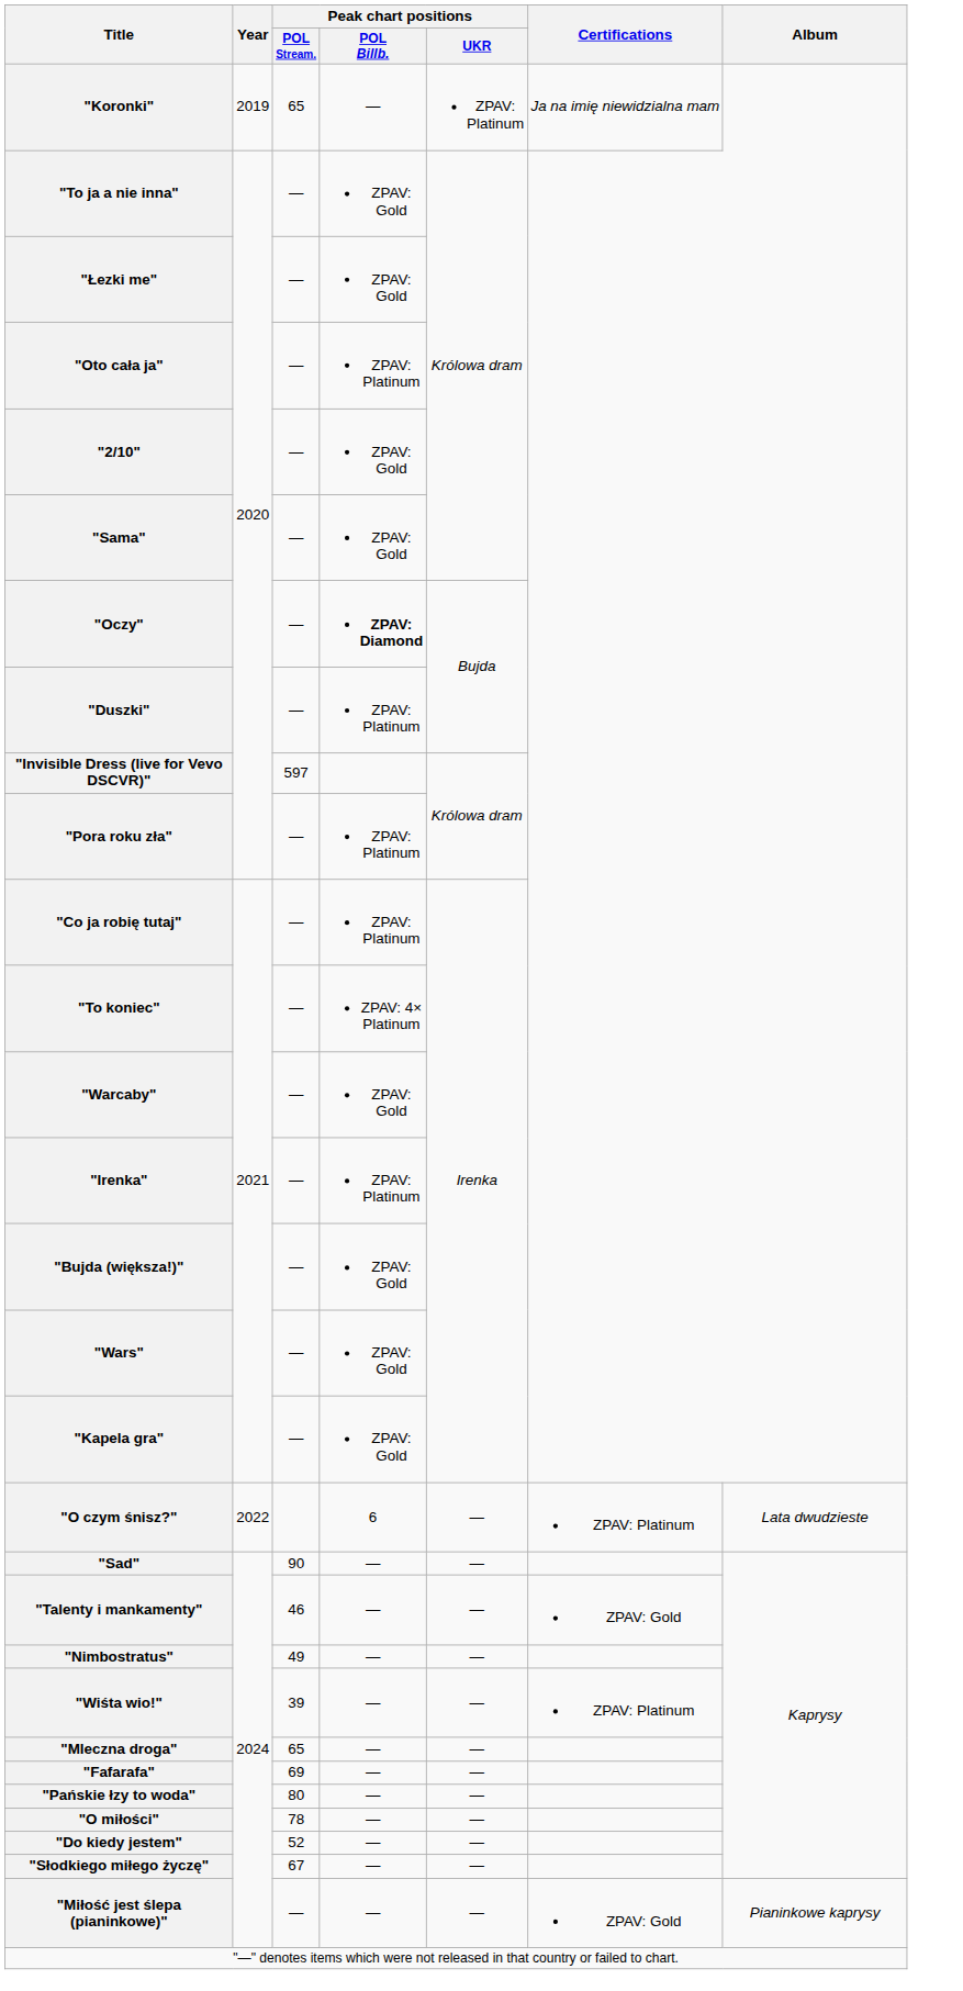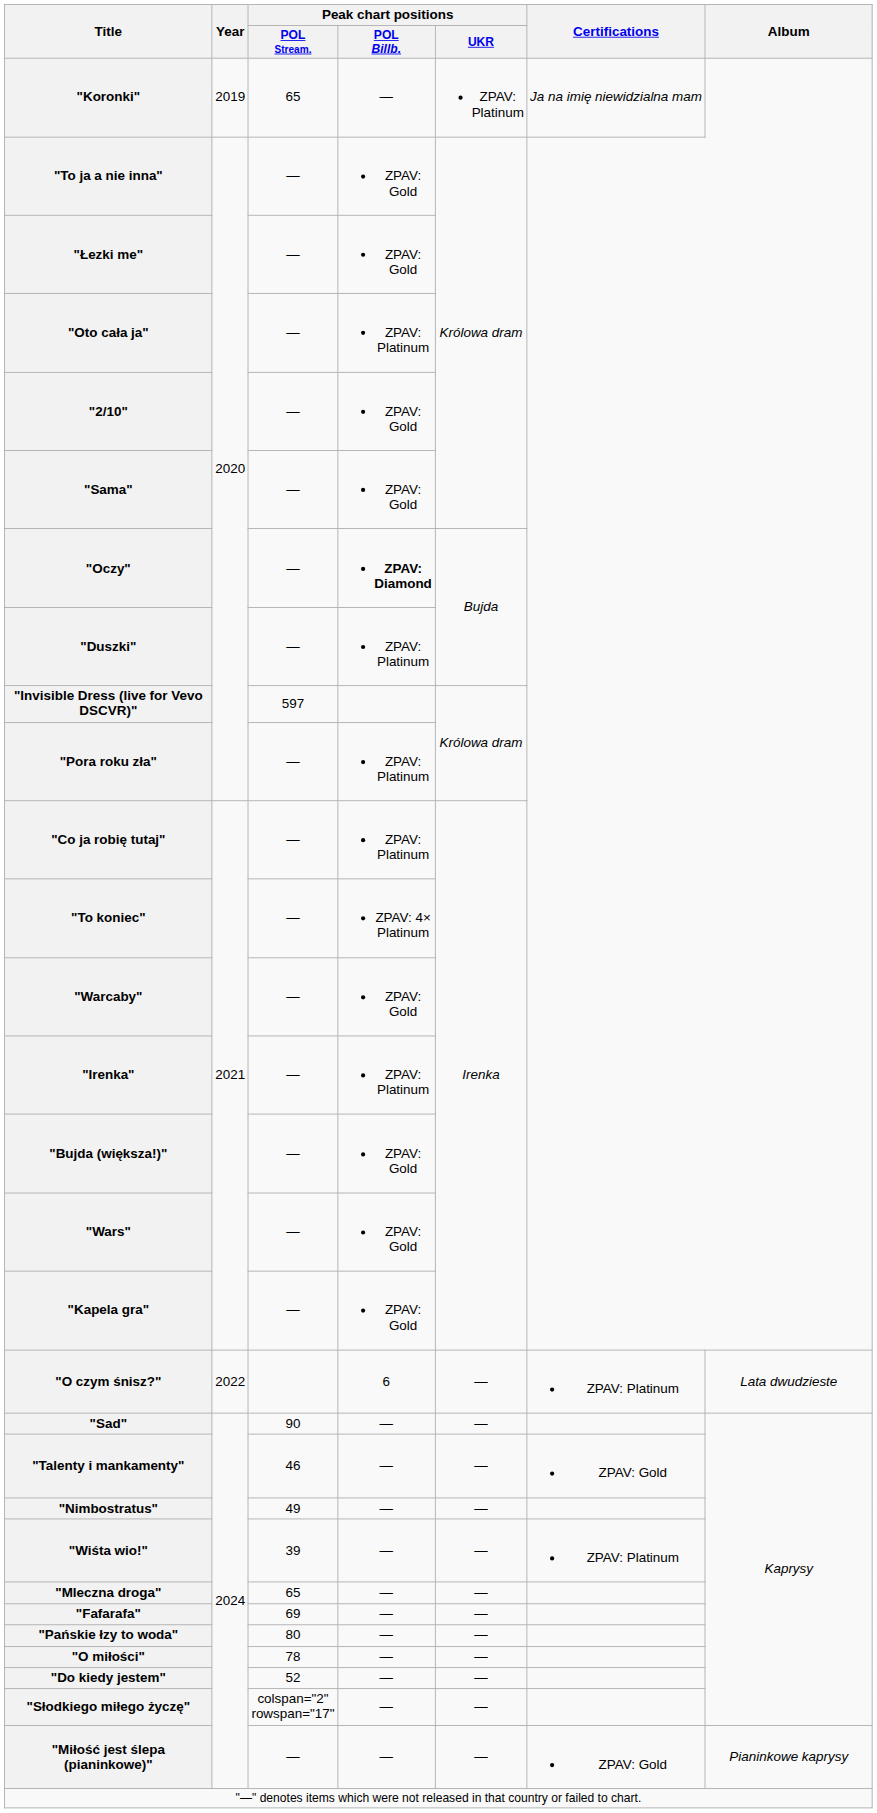 <table class="wikitable plainrowheaders" style="text-align:center;">
 <tr>
 <th scope="col" rowspan="2" style="width:15em;">Title</th>
 <th scope="col" rowspan="2" style="width:2em;">Year</th>
 <th colspan="3">Peak chart positions</th>
 <th scope="col" rowspan="2"><a href='#'>Certifications</a></th>
 <th scope="col" rowspan="2" style="width:12em;">Album</th>
 </tr>
 <tr>
 <th style="width:3em;font-size:90%"><a href='#'>POL<br><small>Stream.</small></a><br></th>
 <th style="width:3em;font-size:90%"><a href='#'>POL<br><em>Billb.</em></a><br></th>
 <th style="width:3em;font-size:90%"><a href='#'>UKR</a><br></th>
 </tr>
 <tr>
 <th scope="row">"Koronki"</th>
 <td>2019</td>
 <td>65</td>
 <td>—</td>
 <td><br><ul><li>ZPAV: Platinum</li></ul></td>
 <td><em>Ja na imię niewidzialna mam</em></td>
 </tr>
 <tr>
 <th scope="row">"To ja a nie inna"</th>
 <td rowspan=9>2020</td>
 <td>—</td>
 <td><br><ul><li>ZPAV: Gold</li></ul></td>
 <td rowspan="5"><em>Królowa dram</em></td>
 </tr>
 <tr>
 <th scope="row">"Łezki me"</th>
 <td>—</td>
 <td><br><ul><li>ZPAV: Gold</li></ul></td>
 </tr>
 <tr>
 <th scope="row">"Oto cała ja"</th>
 <td>—</td>
 <td><br><ul><li>ZPAV: Platinum</li></ul></td>
 </tr>
 <tr>
 <th scope="row">"2/10"</th>
 <td>—</td>
 <td><br><ul><li>ZPAV: Gold</li></ul></td>
 </tr>
 <tr>
 <th scope="row">"Sama"</th>
 <td>—</td>
 <td><br><ul><li>ZPAV: Gold</li></ul></td>
 </tr>
 <tr>
 <th scope="row">"Oczy"</th>
 <td>—</td>
 <td><strong><br><ul><li>ZPAV: Diamond</li></ul></strong></td>
 <td rowspan="2"><em>Bujda</em></td>
 </tr>
 <tr>
 <th scope="row">"Duszki"</th>
 <td>—</td>
 <td><br><ul><li>ZPAV: Platinum</li></ul></td>
 </tr>
 <tr>
 <th scope="row">"Invisible Dress (live for Vevo DSCVR)"</th>
 <td>597</td>
 <td></td>
 <td rowspan="2"><em>Królowa dram</em></td>
 </tr>
 <tr>
 <th scope="row">"Pora roku zła"</th>
 <td>—</td>
 <td><br><ul><li>ZPAV: Platinum</li></ul></td>
 </tr>
 <tr>
 <th scope="row">"Co ja robię tutaj"</th>
 <td rowspan=7>2021</td>
 <td>—</td>
 <td><br><ul><li>ZPAV: Platinum</li></ul></td>
 <td rowspan="7"><em>Irenka</em></td>
 </tr>
 <tr>
 <th scope="row">"To koniec"</th>
 <td>—</td>
 <td><br><ul><li>ZPAV: 4× Platinum</li></ul></td>
 </tr>
 <tr>
 <th scope="row">"Warcaby"</th>
 <td>—</td>
 <td><br><ul><li>ZPAV: Gold</li></ul></td>
 </tr>
 <tr>
 <th scope="row">"Irenka"</th>
 <td>—</td>
 <td><br><ul><li>ZPAV: Platinum</li></ul></td>
 </tr>
 <tr>
 <th scope="row">"Bujda (większa!)"</th>
 <td>—</td>
 <td><br><ul><li>ZPAV: Gold</li></ul></td>
 </tr>
 <tr>
 <th scope="row">"Wars"</th>
 <td>—</td>
 <td><br><ul><li>ZPAV: Gold</li></ul></td>
 </tr>
 <tr>
 <th scope="row">"Kapela gra"</th>
 <td>—</td>
 <td><br><ul><li>ZPAV: Gold</li></ul></td>
 </tr>
 <tr>
 <th scope="row">"O czym śnisz?"<br></th>
 <td>2022</td>
 <td></td>
 <td>6</td>
 <td>—</td>
 <td><br><ul><li>ZPAV: Platinum</li></ul></td>
 <td><em>Lata dwudzieste</em></td>
 </tr>
 <tr>
 <th scope="row">"Sad"</th>
 <td rowspan=11>2024</td>
 <td>90</td>
 <td>—</td>
 <td>—</td>
 <td></td>
 <td rowspan="10"><em>Kaprysy</em></td>
 </tr>
 <tr>
 <th scope="row">"Talenty i mankamenty"</th>
 <td>46</td>
 <td>—</td>
 <td>—</td>
 <td><br><ul><li>ZPAV: Gold</li></ul></td>
 </tr>
 <tr>
 <th scope="row">"Nimbostratus"</th>
 <td>49</td>
 <td>—</td>
 <td>—</td>
 <td></td>
 </tr>
 <tr>
 <th scope="row">"Wiśta wio!"</th>
 <td>39</td>
 <td>—</td>
 <td>—</td>
 <td><br><ul><li>ZPAV: Platinum</li></ul></td>
 </tr>
 <tr>
 <th scope="row">"Mleczna droga"</th>
 <td>65</td>
 <td>—</td>
 <td>—</td>
 <td></td>
 </tr>
 <tr>
 <th scope="row">"Fafarafa"</th>
 <td>69</td>
 <td>—</td>
 <td>—</td>
 <td></td>
 </tr>
 <tr>
 <th scope="row">"Pańskie łzy to woda"</th>
 <td>80</td>
 <td>—</td>
 <td>—</td>
 <td></td>
 </tr>
 <tr>
 <th scope="row">"O miłości"</th>
 <td>78</td>
 <td>—</td>
 <td>—</td>
 <td></td>
 </tr>
 <tr>
 <th scope="row">"Do kiedy jestem"</th>
 <td>52</td>
 <td>—</td>
 <td>—</td>
 <td></td>
 </tr>
 <tr>
 <th scope="row">"Słodkiego miłego życzę"</th>
-<td>67</td>
+<td>colspan="2" rowspan="17" </td>
 <td>—</td>
 <td>—</td>
 <td></td>
 </tr>
 <tr>
 <th scope="row">"Miłość jest ślepa (pianinkowe)"</th>
 <td>—</td>
 <td>—</td>
 <td>—</td>
 <td><br><ul><li>ZPAV: Gold</li></ul></td>
 <td><em>Pianinkowe kaprysy</em></td>
 </tr>
 <tr>
 <td colspan="7" style="font-size:90%;">"—" denotes items which were not released in that country or failed to chart.</td>
 </tr>
 </table>
